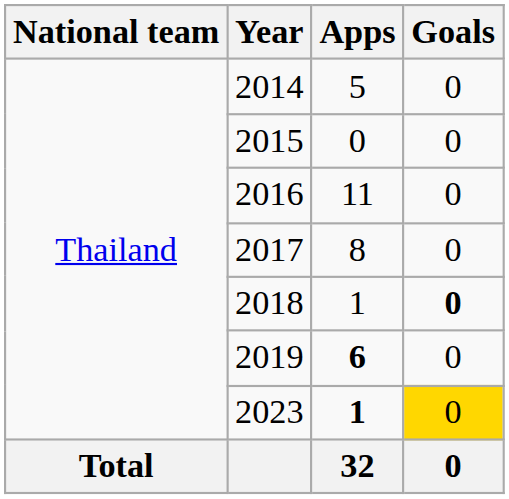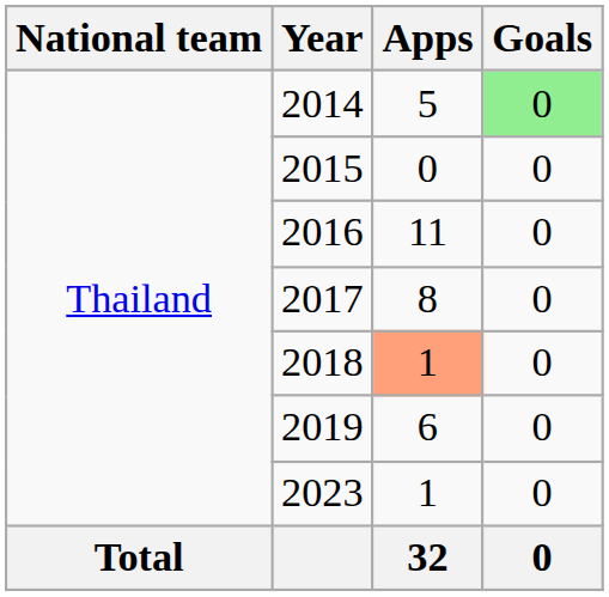 <table class="wikitable" style="text-align:center">
 <tr>
 <th>National team</th>
 <th>Year</th>
 <th>Apps</th>
 <th>Goals</th>
 </tr>
 <tr>
 <td rowspan="7" valign="center"><a href='#'>Thailand</a></td>
 <td>2014</td>
 <td>5</td>
-<td>0</td>
+<td style="background: lightgreen;">0</td>
 </tr>
 <tr>
 <td>2015</td>
 <td>0</td>
 <td>0</td>
 </tr>
 <tr>
 <td>2016</td>
 <td>11</td>
 <td>0</td>
 </tr>
 <tr>
 <td>2017</td>
 <td>8</td>
 <td>0</td>
 </tr>
 <tr>
 <td>2018</td>
-<td>1</td>
-<td><strong>0</strong></td>
+<td style="background: lightsalmon;">1</td>
+<td>0</td>
 </tr>
 <tr>
 <td>2019</td>
-<td><strong>6</strong></td>
+<td>6</td>
 <td>0</td>
 </tr>
 <tr>
 <td>2023</td>
-<td><strong>1</strong></td>
-<td style="background: gold;">0</td>
+<td>1</td>
+<td>0</td>
 </tr>
 <tr>
 <th>Total</th>
 <th></th>
 <th>32</th>
 <th>0</th>
 </tr>
 </table>
